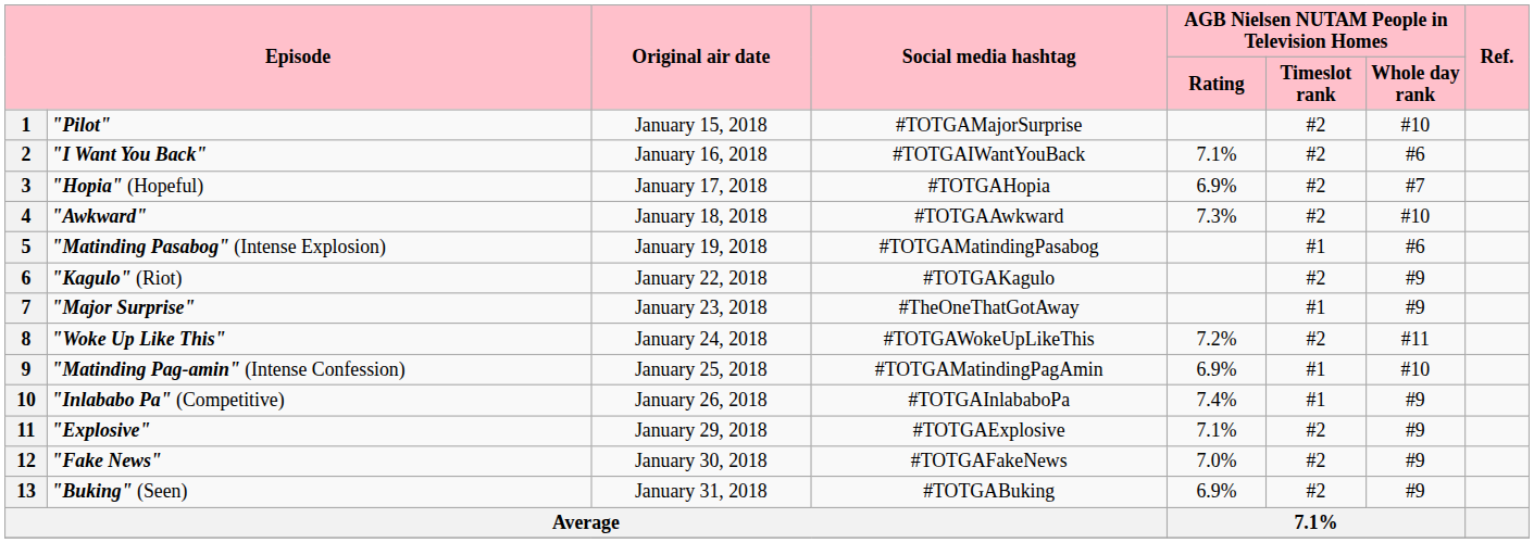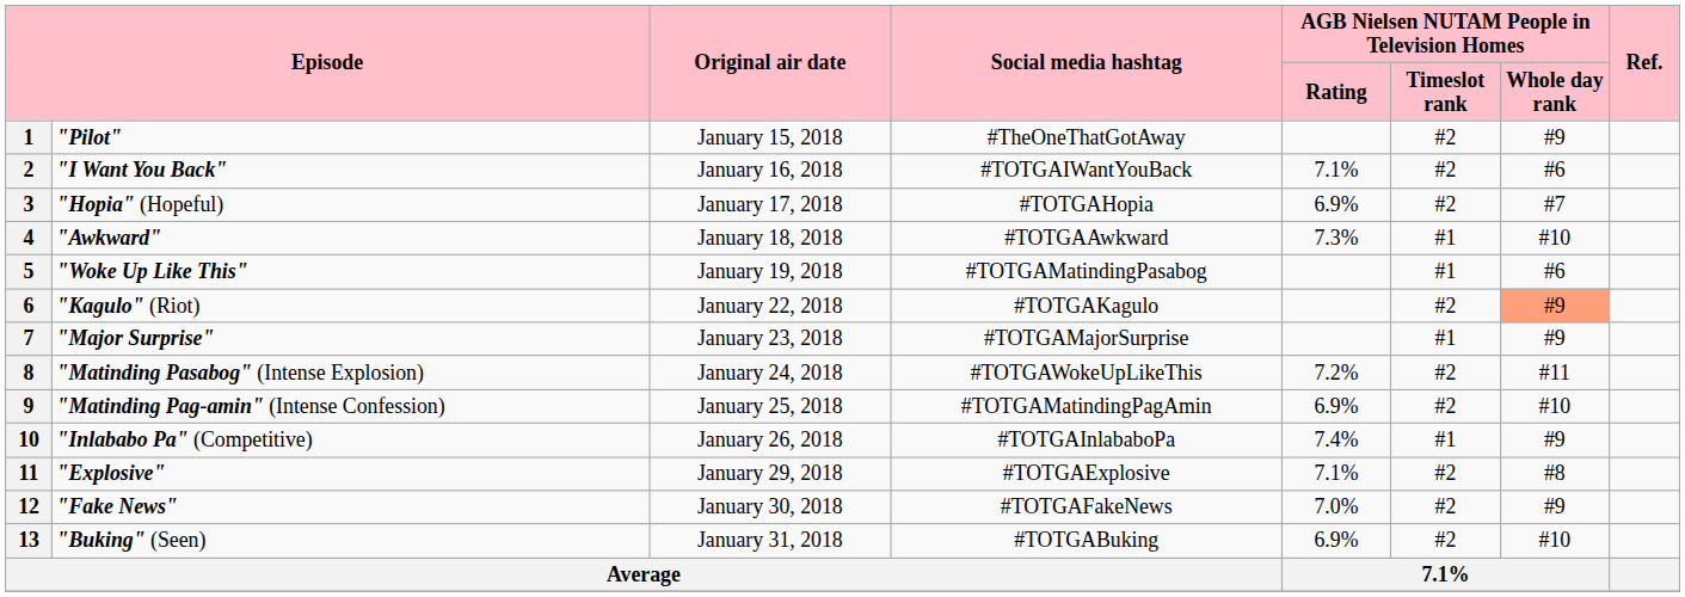 <table class="wikitable" style="text-align:center; font-size:100%; line-height:18px;" width="100%">
 <tr>
 <th style="background-color:#FFC0CB; color:#000000;" colspan="2" rowspan="2">Episode</th>
 <th style="background-color:#FFC0CB; color:black" rowspan="2">Original air date</th>
 <th style="background-color:#FFC0CB; color:black" rowspan="2">Social media hashtag</th>
 <th style="background-color:#FFC0CB; color:#000000;" colspan="3">AGB Nielsen NUTAM People in Television Homes</th>
 <th style="background-color:#FFC0CB; color:#000000;" rowspan="2">Ref.</th>
 </tr>
 <tr>
 <th style="background-color:#FFC0CB; width:75px; color:#000000;">Rating</th>
 <th style="background-color:#FFC0CB; width:75px; color:#000000;">Timeslot<br>rank</th>
 <th style="background-color:#FFC0CB; width:75px; color:#000000;">Whole day<br>rank</th>
 </tr>
 <tr>
 <th>1</th>
 <td style="text-align: left;"><strong><em>"Pilot"</em></strong></td>
 <td>January 15, 2018</td>
-<td>#TOTGAMajorSurprise</td>
+<td>#TheOneThatGotAway</td>
 <td></td>
 <td>#2</td>
-<td>#10</td>
+<td>#9</td>
 <td></td>
 </tr>
 <tr>
 <th>2</th>
 <td style="text-align: left;"><strong><em>"I Want You Back"</em></strong></td>
 <td>January 16, 2018</td>
 <td>#TOTGAIWantYouBack</td>
 <td>7.1%</td>
 <td>#2</td>
 <td>#6</td>
 <td></td>
 </tr>
 <tr>
 <th>3</th>
 <td style="text-align: left;"><strong><em>"Hopia"</em></strong> (Hopeful)</td>
 <td>January 17, 2018</td>
 <td>#TOTGAHopia</td>
 <td>6.9%</td>
 <td>#2</td>
 <td>#7</td>
 <td></td>
 </tr>
 <tr>
 <th>4</th>
 <td style="text-align: left;"><strong><em>"Awkward"</em></strong></td>
 <td>January 18, 2018</td>
 <td>#TOTGAAwkward</td>
 <td>7.3%</td>
-<td>#2</td>
+<td>#1</td>
 <td>#10</td>
 <td></td>
 </tr>
 <tr>
 <th>5</th>
-<td style="text-align: left;"><strong><em>"Matinding Pasabog"</em></strong> (Intense Explosion)</td>
+<td style="text-align: left;"><strong><em>"Woke Up Like This"</em></strong></td>
 <td>January 19, 2018</td>
 <td>#TOTGAMatindingPasabog</td>
 <td></td>
 <td>#1</td>
 <td>#6</td>
 <td></td>
 </tr>
 <tr>
 <th>6</th>
 <td style="text-align: left;"><strong><em>"Kagulo"</em></strong> (Riot)</td>
 <td>January 22, 2018</td>
 <td>#TOTGAKagulo</td>
 <td></td>
 <td>#2</td>
-<td>#9</td>
+<td style="background: lightsalmon;">#9</td>
 <td></td>
 </tr>
 <tr>
 <th>7</th>
 <td style="text-align: left;"><strong><em>"Major Surprise"</em></strong></td>
 <td>January 23, 2018</td>
-<td>#TheOneThatGotAway</td>
+<td>#TOTGAMajorSurprise</td>
 <td></td>
 <td>#1</td>
 <td>#9</td>
 <td></td>
 </tr>
 <tr>
 <th>8</th>
-<td style="text-align: left;"><strong><em>"Woke Up Like This"</em></strong></td>
+<td style="text-align: left;"><strong><em>"Matinding Pasabog"</em></strong> (Intense Explosion)</td>
 <td>January 24, 2018</td>
 <td>#TOTGAWokeUpLikeThis</td>
 <td>7.2%</td>
 <td>#2</td>
 <td>#11</td>
 <td></td>
 </tr>
 <tr>
 <th>9</th>
 <td style="text-align: left;"><strong><em>"Matinding Pag-amin"</em></strong> (Intense Confession)</td>
 <td>January 25, 2018</td>
 <td>#TOTGAMatindingPagAmin</td>
 <td>6.9%</td>
-<td>#1</td>
+<td>#2</td>
 <td>#10</td>
 <td></td>
 </tr>
 <tr>
 <th>10</th>
 <td style="text-align: left;"><strong><em>"Inlababo Pa"</em></strong> (Competitive)</td>
 <td>January 26, 2018</td>
 <td>#TOTGAInlababoPa</td>
 <td>7.4%</td>
 <td>#1</td>
 <td>#9</td>
 <td></td>
 </tr>
 <tr>
 <th>11</th>
 <td style="text-align: left;"><strong><em>"Explosive"</em></strong></td>
 <td>January 29, 2018</td>
 <td>#TOTGAExplosive</td>
 <td>7.1%</td>
 <td>#2</td>
-<td>#9</td>
+<td>#8</td>
 <td></td>
 </tr>
 <tr>
 <th>12</th>
 <td style="text-align: left;"><strong><em>"Fake News"</em></strong></td>
 <td>January 30, 2018</td>
 <td>#TOTGAFakeNews</td>
 <td>7.0%</td>
 <td>#2</td>
 <td>#9</td>
 <td></td>
 </tr>
 <tr>
 <th>13</th>
 <td style="text-align: left;"><strong><em>"Buking"</em></strong> (Seen)</td>
 <td>January 31, 2018</td>
 <td>#TOTGABuking</td>
 <td>6.9%</td>
 <td>#2</td>
-<td>#9</td>
+<td>#10</td>
 <td></td>
 </tr>
 <tr>
 <th colspan="4">Average</th>
 <th colspan="3">7.1%</th>
 <th></th>
 </tr>
 <tr>
 </tr>
 </table>
